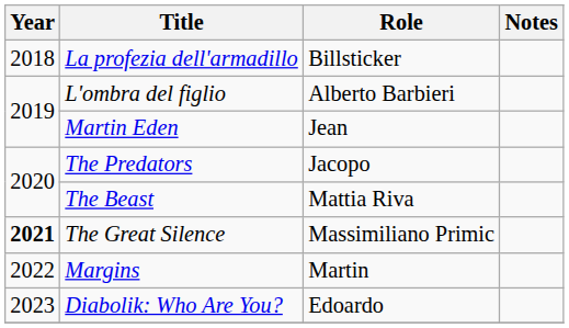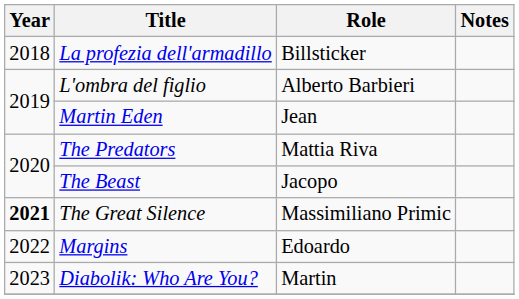 <table class="wikitable sortable">
 <tr>
 <th>Year</th>
 <th>Title</th>
 <th>Role</th>
 <th class="unsortable">Notes</th>
 </tr>
 <tr>
 <td>2018</td>
 <td><em><a href='#'>La profezia dell'armadillo</a></em></td>
 <td>Billsticker</td>
 <td></td>
 </tr>
 <tr>
 <td rowspan="2">2019</td>
 <td><em>L'ombra del figlio</em></td>
 <td>Alberto Barbieri</td>
 <td></td>
 </tr>
 <tr>
 <td><em><a href='#'>Martin Eden</a></em></td>
 <td>Jean</td>
 <td></td>
 </tr>
 <tr>
 <td rowspan="2">2020</td>
 <td><em><a href='#'>The Predators</a></em></td>
-<td>Jacopo</td>
+<td>Mattia Riva</td>
 <td></td>
 </tr>
 <tr>
 <td><em><a href='#'>The Beast</a></em></td>
-<td>Mattia Riva</td>
+<td>Jacopo</td>
 <td></td>
 </tr>
 <tr>
 <td><strong>2021</strong></td>
 <td><em>The Great Silence</em></td>
 <td>Massimiliano Primic</td>
 <td></td>
 </tr>
 <tr>
 <td>2022</td>
 <td><em><a href='#'>Margins</a></em></td>
-<td>Martin</td>
+<td>Edoardo</td>
 <td></td>
 </tr>
 <tr>
 <td>2023</td>
 <td><em><a href='#'>Diabolik: Who Are You?</a></em></td>
-<td>Edoardo</td>
+<td>Martin</td>
 <td></td>
 </tr>
 <tr>
 </tr>
 </table>
